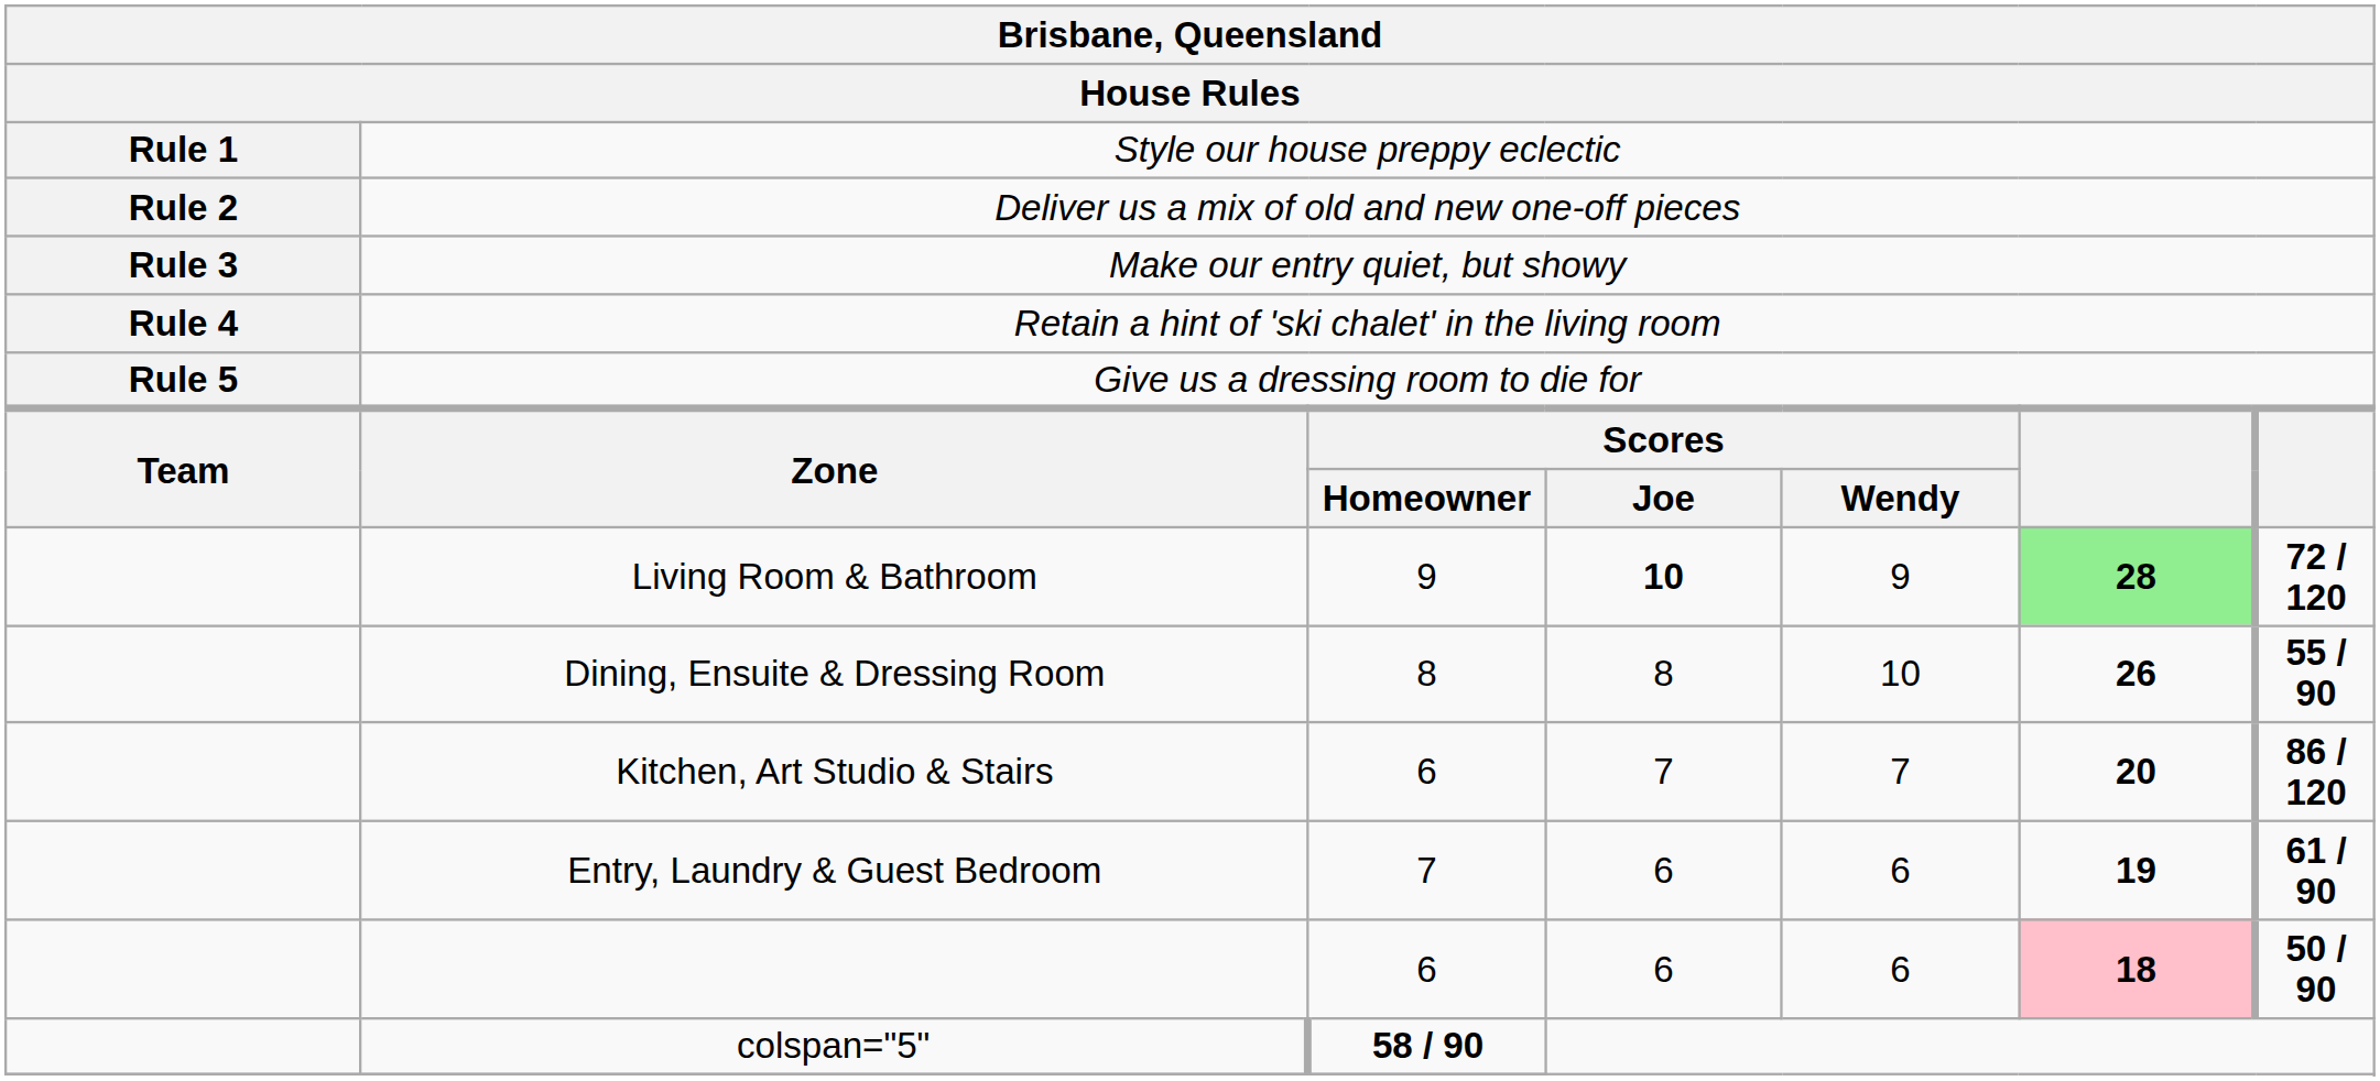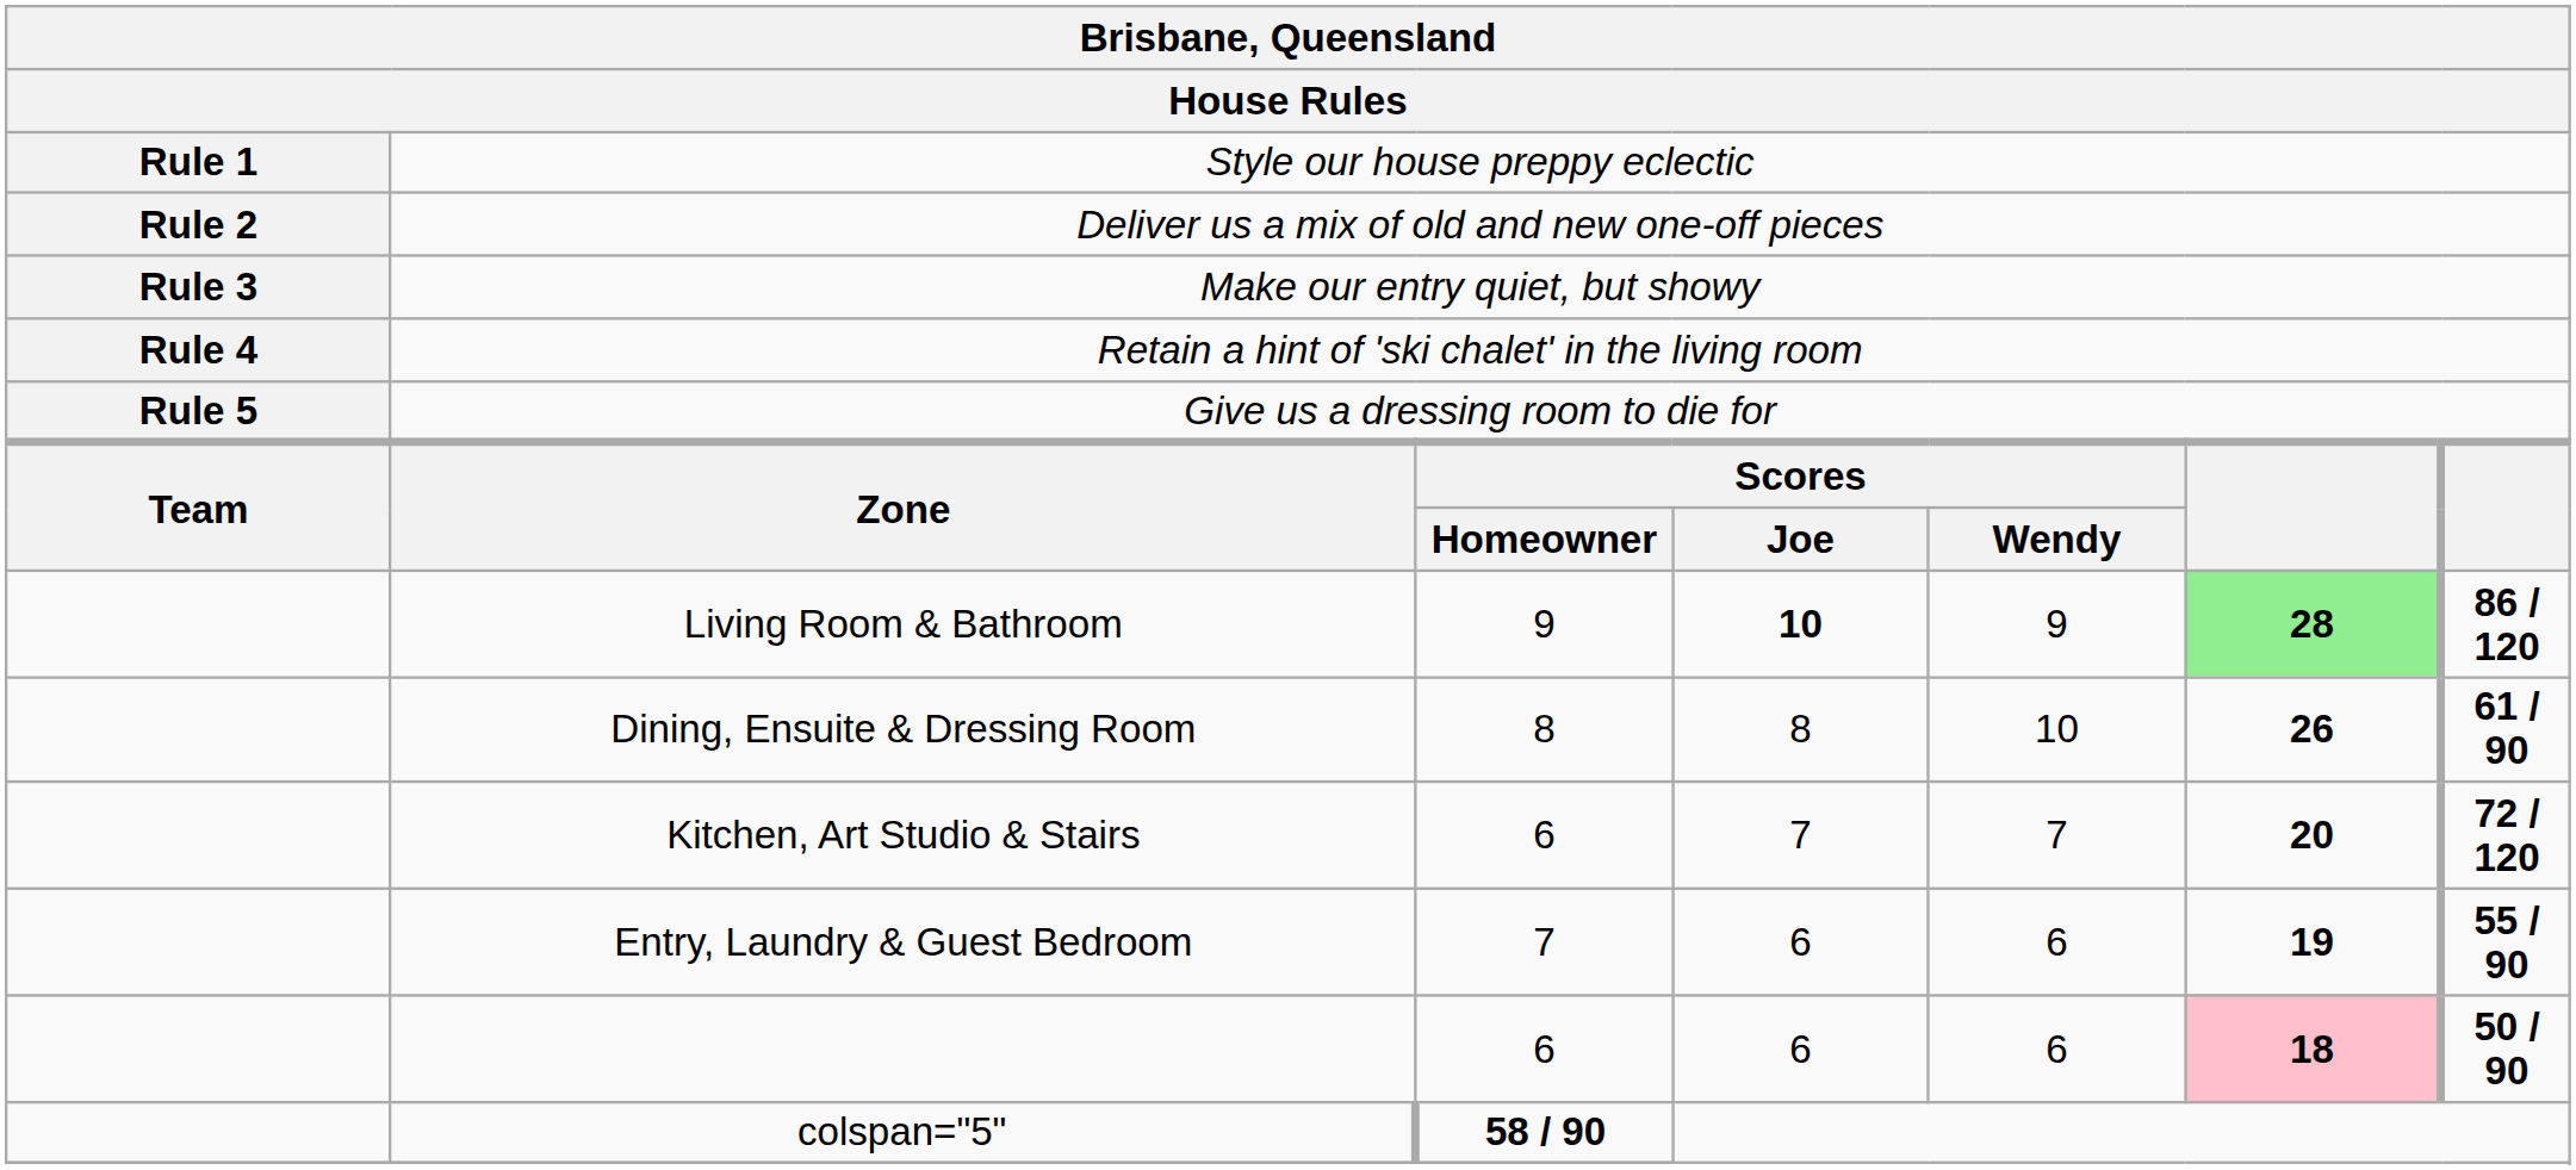 <table class="wikitable plainrowheaders" style="text-align:center; font-size:90%; width:65em;">
 <tr>
 <th colspan="7" >Brisbane, Queensland</th>
 </tr>
 <tr>
 <th colspan="7">House Rules</th>
 </tr>
 <tr>
 <th>Rule 1</th>
 <td colspan="6"><em>Style our house preppy eclectic</em></td>
 </tr>
 <tr>
 <th>Rule 2</th>
 <td colspan="6"><em>Deliver us a mix of old and new one-off pieces</em></td>
 </tr>
 <tr>
 <th>Rule 3</th>
 <td colspan="6"><em>Make our entry quiet, but showy</em></td>
 </tr>
 <tr>
 <th>Rule 4</th>
 <td colspan="6"><em>Retain a hint of 'ski chalet' in the living room</em></td>
 </tr>
 <tr>
 <th>Rule 5</th>
 <td colspan="6"><em>Give us a dressing room to die for</em></td>
 </tr>
 <tr>
 </tr>
 <tr style="border-top:3px solid #aaa;">
 <th rowspan="2">Team</th>
 <th rowspan="2" style="width:40%;">Zone</th>
 <th colspan="3" style="width:40%;">Scores</th>
 <th rowspan="2" style="width:10%;"></th>
 <th rowspan="2" style="width:10%; border-left:3px solid #aaa;"></th>
 </tr>
 <tr>
 <th style="width:10%;">Homeowner</th>
 <th style="width:10%;">Joe</th>
 <th style="width:10%;">Wendy</th>
 </tr>
 <tr>
 <td style="width:15%;"></td>
 <td>Living Room & Bathroom</td>
 <td>9</td>
 <td><strong>10</strong></td>
 <td>9</td>
 <td bgcolor="lightgreen"><strong>28</strong></td>
-<td style="border-left:3px solid #aaa;"><strong>72 / 120</strong></td>
+<td style="border-left:3px solid #aaa;"><strong>86 / 120</strong></td>
 </tr>
 <tr>
 <td style="width:15%;"></td>
 <td>Dining, Ensuite  & Dressing Room</td>
 <td>8</td>
 <td>8</td>
 <td>10</td>
 <td><strong>26</strong></td>
-<td style="border-left:3px solid #aaa;"><strong>55 / 90</strong></td>
+<td style="border-left:3px solid #aaa;"><strong>61 / 90</strong></td>
 </tr>
 <tr>
 <td style="width:15%;"></td>
 <td>Kitchen, Art Studio & Stairs</td>
 <td>6</td>
 <td>7</td>
 <td>7</td>
 <td><strong>20</strong></td>
-<td style="border-left:3px solid #aaa;"><strong>86 / 120</strong></td>
+<td style="border-left:3px solid #aaa;"><strong>72 / 120</strong></td>
 </tr>
 <tr>
 <td style="width:15%;"></td>
 <td>Entry, Laundry & Guest Bedroom</td>
 <td>7</td>
 <td>6</td>
 <td>6</td>
 <td><strong>19</strong></td>
-<td style="border-left:3px solid #aaa;"><strong>61 / 90</strong></td>
+<td style="border-left:3px solid #aaa;"><strong>55 / 90</strong></td>
 </tr>
 <tr>
 <td style="width:15%;"></td>
 <td></td>
 <td>6</td>
 <td>6</td>
 <td>6</td>
 <td bgcolor="pink"><strong>18</strong></td>
 <td style="border-left:3px solid #aaa;"><strong>50 / 90</strong></td>
 </tr>
 <tr>
 <td style="width:15%;"></td>
 <td>colspan="5" </td>
 <td style="border-left:3px solid #aaa;"><strong>58 / 90</strong></td>
 </tr>
 <tr>
 </tr>
 </table>
